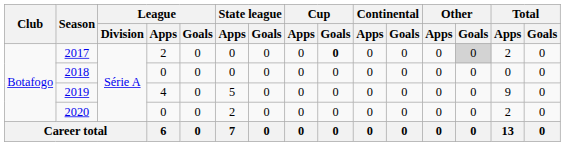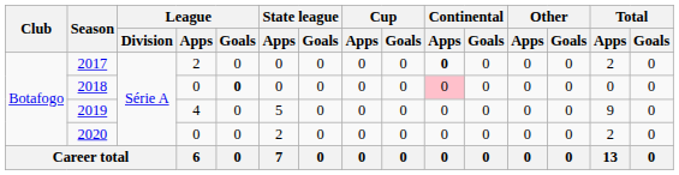 <table class="wikitable" style="text-align: center">
 <tr>
 <th rowspan="2">Club</th>
 <th rowspan="2">Season</th>
 <th colspan="3">League</th>
 <th colspan="2">State league</th>
 <th colspan="2">Cup</th>
 <th colspan="2">Continental</th>
 <th colspan="2">Other</th>
 <th colspan="2">Total</th>
 </tr>
 <tr>
 <th>Division</th>
 <th>Apps</th>
 <th>Goals</th>
 <th>Apps</th>
 <th>Goals</th>
 <th>Apps</th>
 <th>Goals</th>
 <th>Apps</th>
 <th>Goals</th>
 <th>Apps</th>
 <th>Goals</th>
 <th>Apps</th>
 <th>Goals</th>
 </tr>
 <tr>
 <td rowspan="4"><a href='#'>Botafogo</a></td>
 <td><a href='#'>2017</a></td>
 <td rowspan="4"><a href='#'>Série A</a></td>
 <td>2</td>
 <td>0</td>
 <td>0</td>
 <td>0</td>
 <td>0</td>
+<td>0</td>
 <td><strong>0</strong></td>
 <td>0</td>
 <td>0</td>
 <td>0</td>
-<td style="background: lightgrey;">0</td>
 <td>2</td>
 <td>0</td>
 </tr>
 <tr>
 <td><a href='#'>2018</a></td>
 <td>0</td>
+<td><strong>0</strong></td>
 <td>0</td>
 <td>0</td>
 <td>0</td>
 <td>0</td>
-<td>0</td>
-<td>0</td>
+<td style="background: pink;">0</td>
 <td>0</td>
 <td>0</td>
 <td>0</td>
 <td>0</td>
 <td>0</td>
 </tr>
 <tr>
 <td><a href='#'>2019</a></td>
 <td>4</td>
 <td>0</td>
 <td>5</td>
 <td>0</td>
 <td>0</td>
 <td>0</td>
 <td>0</td>
 <td>0</td>
 <td>0</td>
 <td>0</td>
 <td>9</td>
 <td>0</td>
 </tr>
 <tr>
 <td><a href='#'>2020</a></td>
 <td>0</td>
 <td>0</td>
 <td>2</td>
 <td>0</td>
 <td>0</td>
 <td>0</td>
 <td>0</td>
 <td>0</td>
 <td>0</td>
 <td>0</td>
 <td>2</td>
 <td>0</td>
 </tr>
 <tr>
 <th colspan="3"><strong>Career total</strong></th>
 <th>6</th>
 <th>0</th>
 <th>7</th>
 <th>0</th>
 <th>0</th>
 <th>0</th>
 <th>0</th>
 <th>0</th>
 <th>0</th>
 <th>0</th>
 <th>13</th>
 <th>0</th>
 </tr>
 </table>
